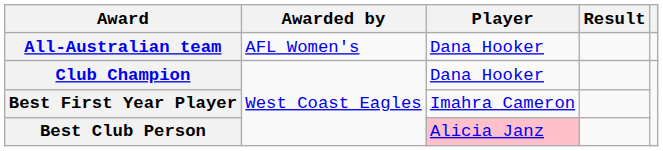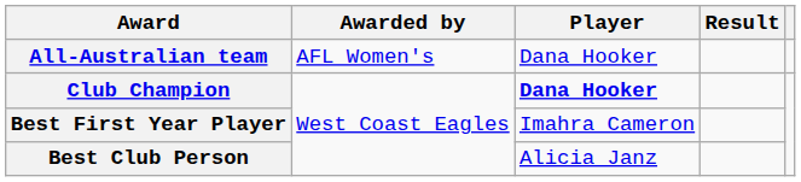 <table class="wikitable plainrowheaders sortable">
 <tr>
 <th scope="col">Award</th>
 <th scope="col">Awarded by</th>
 <th scope="col">Player</th>
 <th scope="col">Result</th>
 <th class="unsortable"></th>
 </tr>
 <tr>
 <th scope="row"><a href='#'>All-Australian team</a></th>
 <td><a href='#'>AFL Women's</a></td>
 <td><a href='#'>Dana Hooker</a></td>
 <td></td>
 <td></td>
 </tr>
 <tr>
 <th scope="row"><a href='#'>Club Champion</a></th>
 <td rowspan=3><a href='#'>West Coast Eagles</a></td>
-<td><a href='#'>Dana Hooker</a></td>
+<td><strong><a href='#'>Dana Hooker</a></strong></td>
 <td></td>
 <td rowspan=3></td>
 </tr>
 <tr>
 <th scope="row">Best First Year Player</th>
 <td><a href='#'>Imahra Cameron</a></td>
 <td></td>
 </tr>
 <tr>
 <th scope="row">Best Club Person</th>
-<td style="background: pink;"><a href='#'>Alicia Janz</a></td>
+<td><a href='#'>Alicia Janz</a></td>
 <td></td>
 </tr>
 </table>
